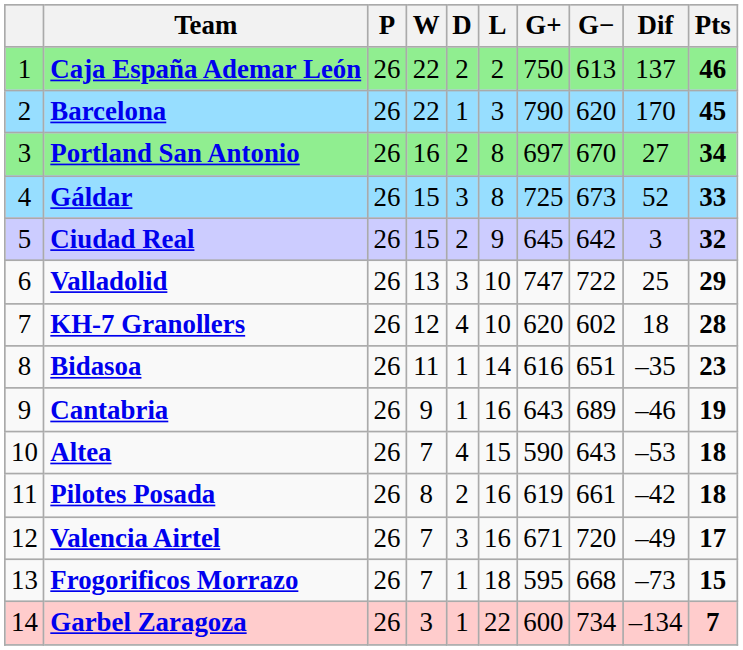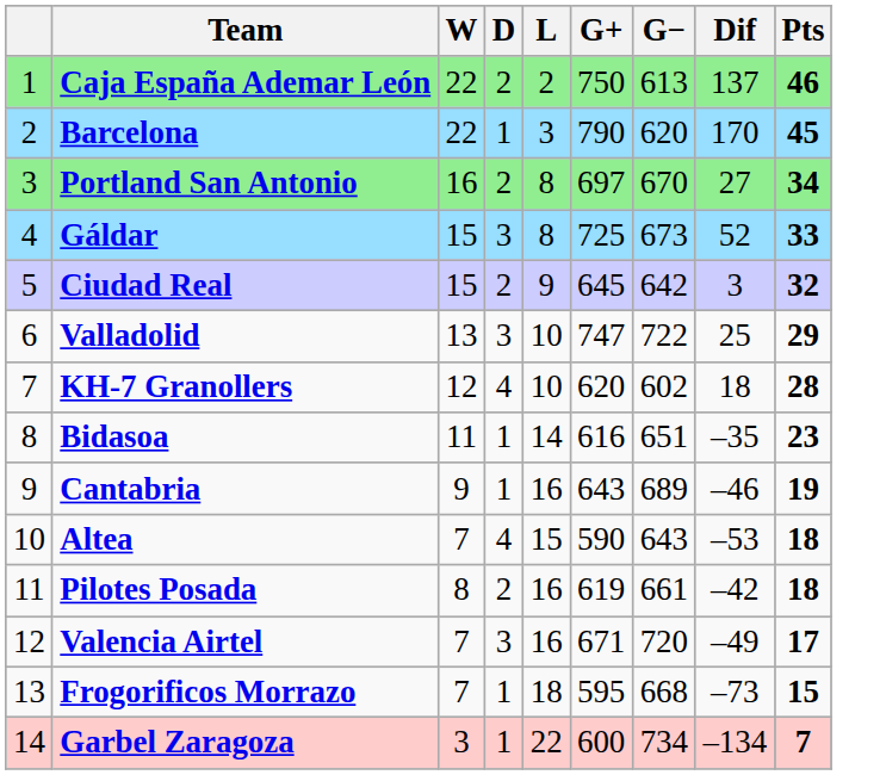 <table class="wikitable sortable" style="text-align: center;">
 <tr>
 <th align="center"></th>
 <th align="center">Team</th>
-<th align="center">P</th>
 <th align="center">W</th>
 <th align="center">D</th>
 <th align="center">L</th>
 <th align="center">G+</th>
 <th align="center">G−</th>
 <th align="center">Dif</th>
 <th align="center">Pts</th>
 </tr>
 <tr style="background: #90EE90;">
 <td>1</td>
 <td align="left"><strong><a href='#'>Caja España Ademar León</a></strong></td>
-<td>26</td>
 <td>22</td>
 <td>2</td>
 <td>2</td>
 <td>750</td>
 <td>613</td>
 <td>137</td>
 <td><strong>46</strong></td>
 </tr>
 <tr style="background: #97DEFF;">
 <td>2</td>
 <td align="left"><strong><a href='#'>Barcelona</a></strong></td>
-<td>26</td>
 <td>22</td>
 <td>1</td>
 <td>3</td>
 <td>790</td>
 <td>620</td>
 <td>170</td>
 <td><strong>45</strong></td>
 </tr>
 <tr style="background: #90EE90;">
 <td>3</td>
 <td align="left"><strong><a href='#'>Portland San Antonio</a></strong></td>
-<td>26</td>
 <td>16</td>
 <td>2</td>
 <td>8</td>
 <td>697</td>
 <td>670</td>
 <td>27</td>
 <td><strong>34</strong></td>
 </tr>
 <tr style="background: #97DEFF;">
 <td>4</td>
 <td align="left"><strong><a href='#'>Gáldar</a></strong></td>
-<td>26</td>
 <td>15</td>
 <td>3</td>
 <td>8</td>
 <td>725</td>
 <td>673</td>
 <td>52</td>
 <td><strong>33</strong></td>
 </tr>
 <tr style="background: #ccccff;">
 <td>5</td>
 <td align="left"><strong><a href='#'>Ciudad Real</a></strong></td>
-<td>26</td>
 <td>15</td>
 <td>2</td>
 <td>9</td>
 <td>645</td>
 <td>642</td>
 <td>3</td>
 <td><strong>32</strong></td>
 </tr>
 <tr style="background:">
 <td>6</td>
 <td align="left"><strong><a href='#'>Valladolid</a></strong></td>
-<td>26</td>
 <td>13</td>
 <td>3</td>
 <td>10</td>
 <td>747</td>
 <td>722</td>
 <td>25</td>
 <td><strong>29</strong></td>
 </tr>
 <tr style="background:">
 <td>7</td>
 <td align="left"><strong><a href='#'>KH-7 Granollers</a></strong></td>
-<td>26</td>
 <td>12</td>
 <td>4</td>
 <td>10</td>
 <td>620</td>
 <td>602</td>
 <td>18</td>
 <td><strong>28</strong></td>
 </tr>
 <tr style="background:">
 <td>8</td>
 <td align="left"><strong><a href='#'>Bidasoa</a></strong></td>
-<td>26</td>
 <td>11</td>
 <td>1</td>
 <td>14</td>
 <td>616</td>
 <td>651</td>
 <td>–35</td>
 <td><strong>23</strong></td>
 </tr>
 <tr style="background:">
 <td>9</td>
 <td align="left"><strong><a href='#'>Cantabria</a></strong></td>
-<td>26</td>
 <td>9</td>
 <td>1</td>
 <td>16</td>
 <td>643</td>
 <td>689</td>
 <td>–46</td>
 <td><strong>19</strong></td>
 </tr>
 <tr style="background:">
 <td>10</td>
 <td align="left"><strong><a href='#'>Altea</a></strong></td>
-<td>26</td>
 <td>7</td>
 <td>4</td>
 <td>15</td>
 <td>590</td>
 <td>643</td>
 <td>–53</td>
 <td><strong>18</strong></td>
 </tr>
 <tr style="background:">
 <td>11</td>
 <td align="left"><strong><a href='#'>Pilotes Posada</a></strong></td>
-<td>26</td>
 <td>8</td>
 <td>2</td>
 <td>16</td>
 <td>619</td>
 <td>661</td>
 <td>–42</td>
 <td><strong>18</strong></td>
 </tr>
 <tr style="background:">
 <td>12</td>
 <td align="left"><strong><a href='#'>Valencia Airtel</a></strong></td>
-<td>26</td>
 <td>7</td>
 <td>3</td>
 <td>16</td>
 <td>671</td>
 <td>720</td>
 <td>–49</td>
 <td><strong>17</strong></td>
 </tr>
 <tr style="background:">
 <td>13</td>
 <td align="left"><strong><a href='#'>Frogorificos Morrazo</a></strong></td>
-<td>26</td>
 <td>7</td>
 <td>1</td>
 <td>18</td>
 <td>595</td>
 <td>668</td>
 <td>–73</td>
 <td><strong>15</strong></td>
 </tr>
 <tr style="background: #FFCCCC;">
 <td>14</td>
 <td align="left"><strong><a href='#'>Garbel Zaragoza</a></strong></td>
-<td>26</td>
 <td>3</td>
 <td>1</td>
 <td>22</td>
 <td>600</td>
 <td>734</td>
 <td>–134</td>
 <td><strong>7</strong></td>
 </tr>
 </table>
